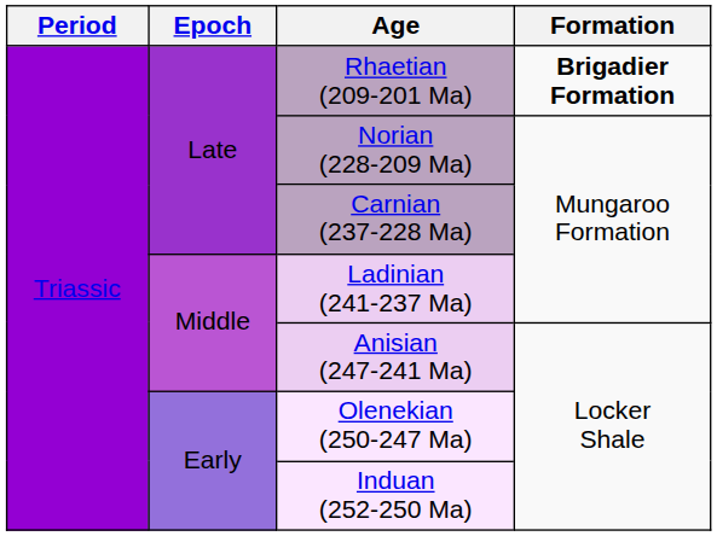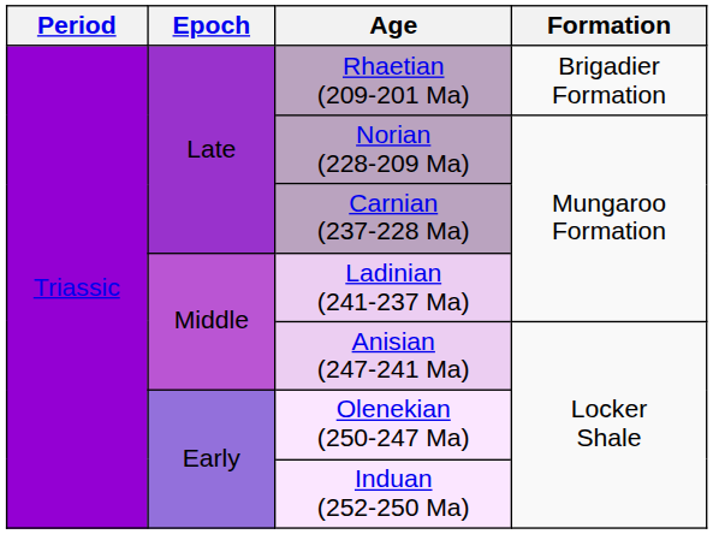 <table class="wikitable" align="right" style="width:35%; text-align:center; font-size:100%; border:1.5px solid black">
 <tr>
 <th style="border:1.5px solid black" align="center"><a href='#'>Period</a></th>
 <th style="border:1.5px solid black" align="center"><a href='#'>Epoch</a></th>
 <th style="border:1.5px solid black" align="center">Age</th>
 <th style="border:1.5px solid black" align="center">Formation</th>
 </tr>
 <tr>
 <td style="background:#9400D3; color:black; border:1.5px solid black" align="center" rowspan="7"><a href='#'>Triassic</a></td>
 <td style="background:#9932CC; color:black; border:1.5px solid black" align="center" rowspan="3">Late</td>
 <td style="background:#BAA3BF; color:black; border:1.5px solid black"><a href='#'>Rhaetian</a><br>(209-201 Ma)</td>
-<td style="border:1.5px solid black" align="center"><strong>Brigadier<br>Formation</strong></td>
+<td style="border:1.5px solid black" align="center">Brigadier<br>Formation</td>
 </tr>
 <tr>
 <td style="background:#BAA3BF; color:black; border:1.5px solid black"><a href='#'>Norian</a><br>(228-209 Ma)</td>
 <td style="border:1.5px solid black" align="center" rowspan="3">Mungaroo<br>Formation</td>
 </tr>
 <tr>
 <td style="background:#BAA3BF; color:black; border:1.5px solid black"><a href='#'>Carnian</a><br>(237-228 Ma)</td>
 </tr>
 <tr>
 <td style="background:#BA55D3; color:black; border:1.5px solid black" align="center" rowspan="2">Middle</td>
 <td style="background:#ECCEF2; color:black; border:1.5px solid black" columnspan="2"><a href='#'>Ladinian</a><br>(241-237 Ma)</td>
 </tr>
 <tr>
 <td style="background:#ECCEF2; color:black; border:1.5px solid black"><a href='#'>Anisian</a><br>(247-241 Ma)</td>
 <td style="border:1.5px solid black" align="center" rowspan="3">Locker<br>Shale</td>
 </tr>
 <tr>
 <td style="background:#9370DB; color:black; border:1.5px solid black" align="center" rowspan="2">Early</td>
 <td style="background:#FBE6FF; color:black; border:1.5px solid black"><a href='#'>Olenekian</a><br>(250-247 Ma)</td>
 </tr>
 <tr>
 <td style="background:#FBE6FF; color:black; border:1.5px solid black"><a href='#'>Induan</a><br>(252-250 Ma)</td>
 </tr>
 </table>
